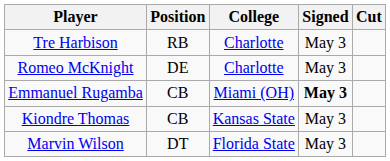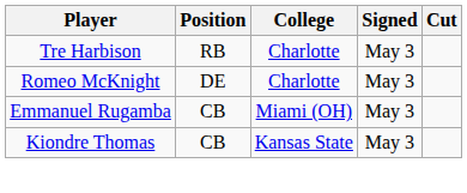 <table class="wikitable" style="text-align:center">
 <tr>
 <th>Player</th>
 <th>Position</th>
 <th>College</th>
 <th>Signed</th>
 <th>Cut</th>
 </tr>
 <tr>
 <td><a href='#'>Tre Harbison</a></td>
 <td>RB</td>
 <td><a href='#'>Charlotte</a></td>
 <td>May 3</td>
 <td></td>
 </tr>
 <tr>
 <td><a href='#'>Romeo McKnight</a></td>
 <td>DE</td>
 <td><a href='#'>Charlotte</a></td>
 <td>May 3</td>
 <td></td>
 </tr>
 <tr>
 <td><a href='#'>Emmanuel Rugamba</a></td>
 <td>CB</td>
 <td><a href='#'>Miami (OH)</a></td>
-<td><strong>May 3</strong></td>
+<td>May 3</td>
 <td></td>
 </tr>
 <tr>
 <td><a href='#'>Kiondre Thomas</a></td>
 <td>CB</td>
 <td><a href='#'>Kansas State</a></td>
 <td>May 3</td>
 <td></td>
 </tr>
-<tr>
-<td><a href='#'>Marvin Wilson</a></td>
-<td>DT</td>
-<td><a href='#'>Florida State</a></td>
-<td>May 3</td>
-<td></td>
-</tr>
 </table>
